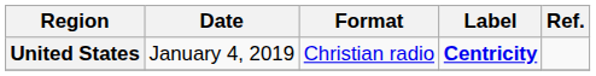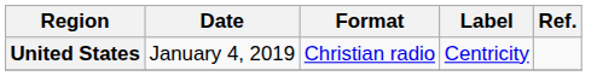 <table class="wikitable plainrowheaders">
 <tr>
 <th scope="col">Region</th>
 <th scope="col">Date</th>
 <th scope="col">Format</th>
 <th scope="col">Label</th>
 <th scope="col">Ref.</th>
 </tr>
 <tr>
 <th scope="row">United States</th>
 <td>January 4, 2019</td>
 <td><a href='#'>Christian radio</a></td>
-<td><strong><a href='#'>Centricity</a></strong></td>
+<td><a href='#'>Centricity</a></td>
 <td></td>
 </tr>
 <tr>
 </tr>
 </table>
